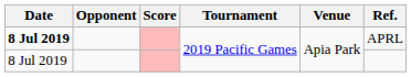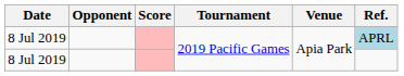 <table class=wikitable>
 <tr>
 <th>Date</th>
 <th>Opponent</th>
 <th>Score</th>
 <th>Tournament</th>
 <th>Venue</th>
 <th>Ref.</th>
 </tr>
 <tr>
-<td><strong>8 Jul 2019</strong></td>
+<td>8 Jul 2019</td>
 <td></td>
 <td bgcolor="#FFBBBB"></td>
 <td rowspan=2><a href='#'>2019 Pacific Games</a></td>
 <td rowspan=2> Apia Park</td>
-<td>APRL</td>
+<td style="background: lightblue;">APRL</td>
 </tr>
 <tr>
 <td>8 Jul 2019</td>
 <td></td>
 <td bgcolor="#FFBBBB"></td>
 <td></td>
 </tr>
 </table>
